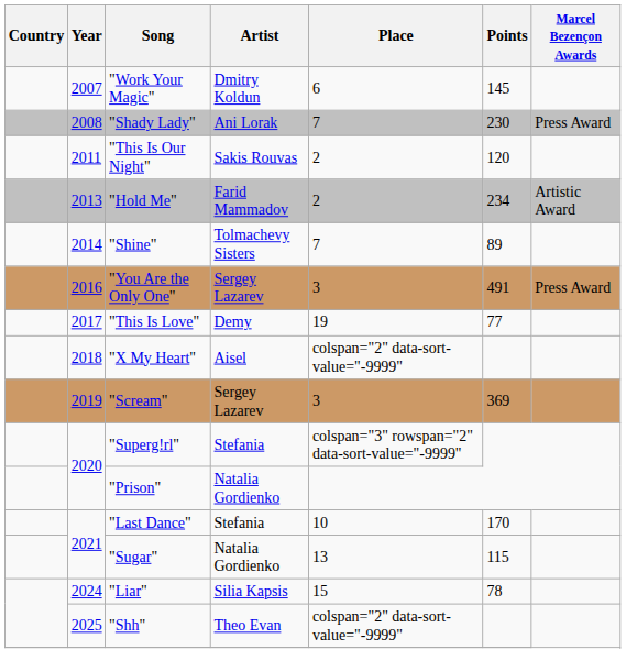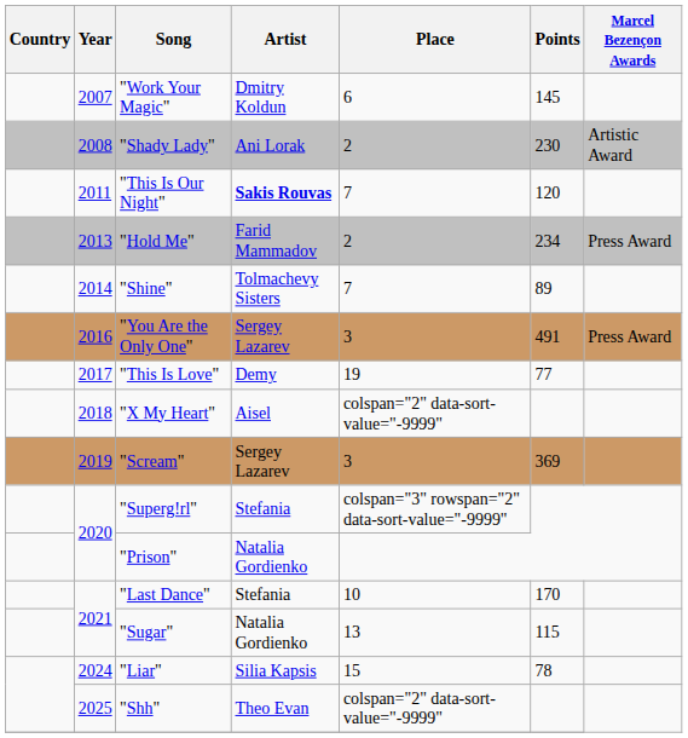 <table class="sortable wikitable" align="center" style="font-size: 95%;">
 <tr>
 <th>Country</th>
 <th>Year</th>
 <th>Song</th>
 <th>Artist</th>
 <th>Place</th>
 <th>Points</th>
 <th><small><a href='#'>Marcel Bezençon Awards</a></small></th>
 </tr>
 <tr>
 <td></td>
 <td><a href='#'>2007</a></td>
 <td>"<a href='#'>Work Your Magic</a>"</td>
 <td><a href='#'>Dmitry Koldun</a></td>
 <td>6</td>
 <td>145</td>
 <td></td>
 </tr>
 <tr bgcolor = "silver">
 <td></td>
 <td><a href='#'>2008</a></td>
 <td>"<a href='#'>Shady Lady</a>"</td>
 <td><a href='#'>Ani Lorak</a></td>
-<td>7</td>
+<td>2</td>
 <td>230</td>
-<td>Press Award</td>
+<td>Artistic Award</td>
 </tr>
 <tr>
 <td></td>
 <td><a href='#'>2011</a></td>
 <td>"<a href='#'>This Is Our Night</a>"</td>
-<td><a href='#'>Sakis Rouvas</a></td>
-<td>2</td>
+<td><strong><a href='#'>Sakis Rouvas</a></strong></td>
+<td>7</td>
 <td>120</td>
 <td></td>
 </tr>
 <tr bgcolor = "silver">
 <td></td>
 <td><a href='#'>2013</a></td>
 <td>"<a href='#'>Hold Me</a>"</td>
 <td><a href='#'>Farid Mammadov</a></td>
 <td>2</td>
 <td>234</td>
-<td>Artistic Award</td>
+<td>Press Award</td>
 </tr>
 <tr>
 <td></td>
 <td><a href='#'>2014</a></td>
 <td>"<a href='#'>Shine</a>"</td>
 <td><a href='#'>Tolmachevy Sisters</a></td>
 <td>7</td>
 <td>89</td>
 <td></td>
 </tr>
 <tr bgcolor = "#CC9966">
 <td></td>
 <td><a href='#'>2016</a></td>
 <td>"<a href='#'>You Are the Only One</a>"</td>
 <td><a href='#'>Sergey Lazarev</a></td>
 <td>3</td>
 <td>491</td>
 <td>Press Award</td>
 </tr>
 <tr>
 <td></td>
 <td><a href='#'>2017</a></td>
 <td>"<a href='#'>This Is Love</a>"</td>
 <td><a href='#'>Demy</a></td>
 <td>19</td>
 <td>77</td>
 <td></td>
 </tr>
 <tr>
 <td></td>
 <td><a href='#'>2018</a></td>
 <td>"<a href='#'>X My Heart</a>"</td>
 <td><a href='#'>Aisel</a></td>
 <td>colspan="2" data-sort-value="-9999" </td>
 <td></td>
 </tr>
 <tr bgcolor = "#CC9966">
 <td></td>
 <td><a href='#'>2019</a></td>
 <td>"<a href='#'>Scream</a>"</td>
 <td>Sergey Lazarev</td>
 <td>3</td>
 <td>369</td>
 <td></td>
 </tr>
 <tr>
 <td></td>
 <td rowspan="2"><a href='#'>2020</a></td>
 <td>"<a href='#'>Superg!rl</a>"</td>
 <td><a href='#'>Stefania</a></td>
 <td>colspan="3" rowspan="2" data-sort-value="-9999" </td>
 </tr>
 <tr>
 <td></td>
 <td>"<a href='#'>Prison</a>"</td>
 <td><a href='#'>Natalia Gordienko</a></td>
 </tr>
 <tr>
 <td></td>
 <td rowspan="2"><a href='#'>2021</a></td>
 <td>"<a href='#'>Last Dance</a>"</td>
 <td>Stefania</td>
 <td>10</td>
 <td>170</td>
 <td></td>
 </tr>
 <tr>
 <td></td>
 <td>"<a href='#'>Sugar</a>"</td>
 <td>Natalia Gordienko</td>
 <td>13</td>
 <td>115</td>
 <td></td>
 </tr>
 <tr>
 <td rowspan="2"></td>
 <td><a href='#'>2024</a></td>
 <td>"<a href='#'>Liar</a>"</td>
 <td><a href='#'>Silia Kapsis</a></td>
 <td>15</td>
 <td>78</td>
 <td></td>
 </tr>
 <tr>
 <td><a href='#'>2025</a></td>
 <td>"<a href='#'>Shh</a>"</td>
 <td><a href='#'>Theo Evan</a></td>
 <td>colspan="2" data-sort-value="-9999" </td>
 <td></td>
 </tr>
 <tr>
 </tr>
 </table>
